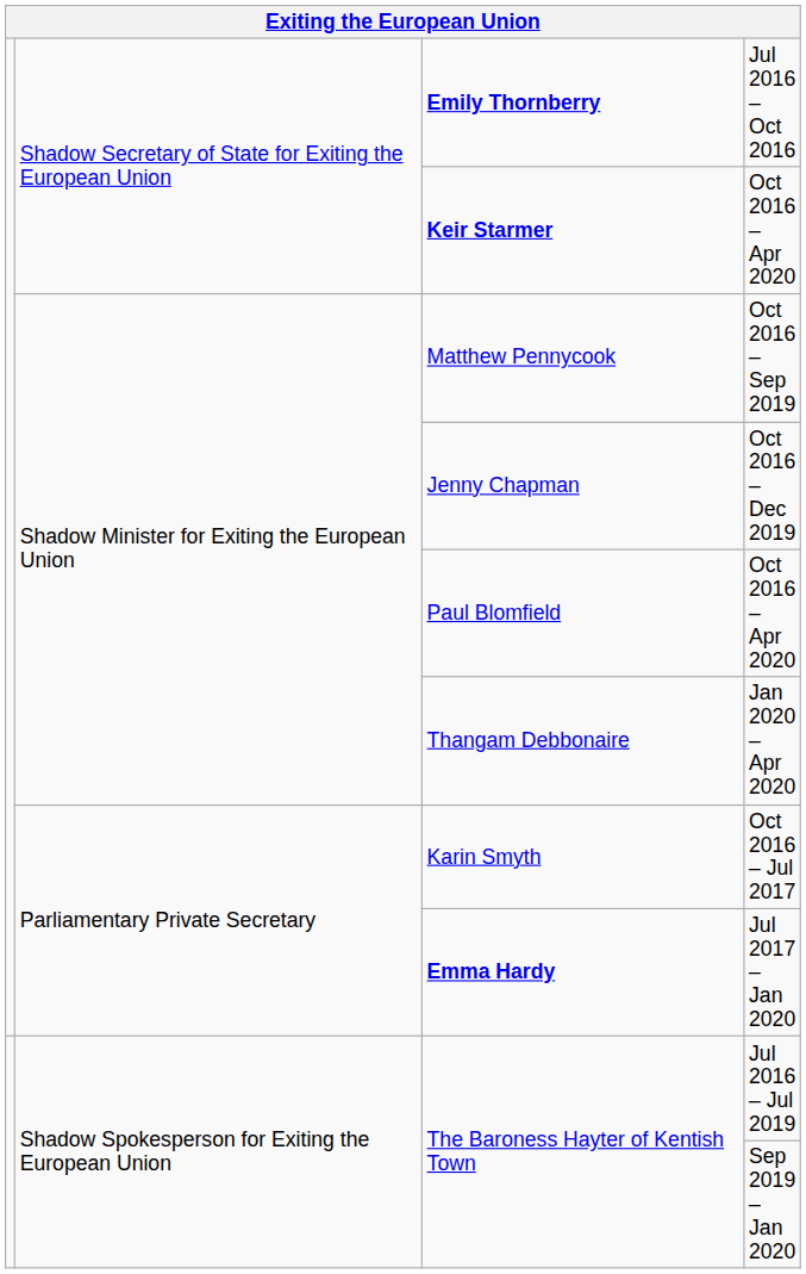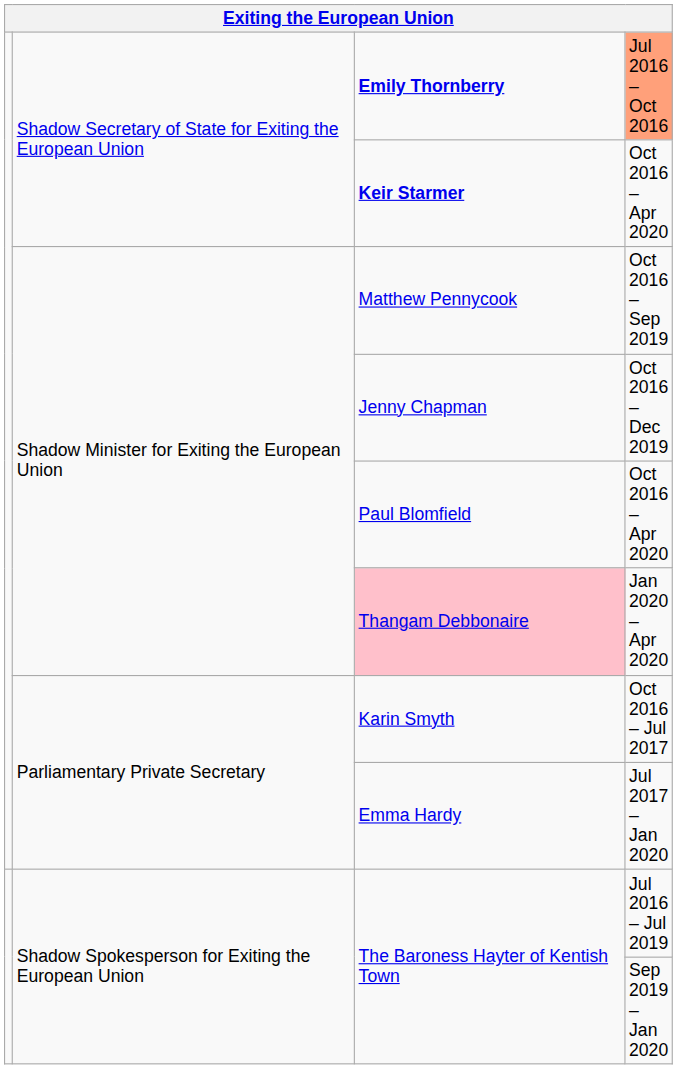 <table class="wikitable">
 <tr>
 <th colspan="4"><a href='#'>Exiting the European Union</a></th>
 </tr>
 <tr>
 <td rowspan="8" style="background: "></td>
 <td rowspan="2" style="width: 450px;"><a href='#'>Shadow Secretary of State for Exiting the European Union</a></td>
 <td style="width: 350px;"><strong><a href='#'>Emily Thornberry</a></strong></td>
-<td>Jul 2016 – Oct 2016</td>
+<td style="background: lightsalmon;">Jul 2016 – Oct 2016</td>
 </tr>
 <tr>
 <td><strong><a href='#'>Keir Starmer</a></strong></td>
 <td>Oct 2016 – Apr 2020</td>
 </tr>
 <tr>
 <td rowspan="4">Shadow Minister for Exiting the European Union</td>
 <td><a href='#'>Matthew Pennycook</a></td>
 <td>Oct 2016 – Sep 2019</td>
 </tr>
 <tr>
 <td><a href='#'>Jenny Chapman</a></td>
 <td>Oct 2016 – Dec 2019</td>
 </tr>
 <tr>
 <td><a href='#'>Paul Blomfield</a></td>
 <td>Oct 2016 – Apr 2020</td>
 </tr>
 <tr>
-<td><a href='#'>Thangam Debbonaire</a></td>
+<td style="background: pink;"><a href='#'>Thangam Debbonaire</a></td>
 <td>Jan 2020 – Apr 2020</td>
 </tr>
 <tr>
 <td rowspan="2">Parliamentary Private Secretary</td>
 <td><a href='#'>Karin Smyth</a></td>
 <td>Oct 2016 – Jul 2017</td>
 </tr>
 <tr>
-<td><strong><a href='#'>Emma Hardy</a></strong></td>
+<td><a href='#'>Emma Hardy</a></td>
 <td>Jul 2017 – Jan 2020</td>
 </tr>
 <tr>
 <td rowspan="2" style="background: "></td>
 <td rowspan="2">Shadow Spokesperson for Exiting the European Union</td>
 <td rowspan="2"><a href='#'>The Baroness Hayter of Kentish Town</a></td>
 <td>Jul 2016 – Jul 2019</td>
 </tr>
 <tr>
 <td>Sep 2019 – Jan 2020</td>
 </tr>
 </table>
